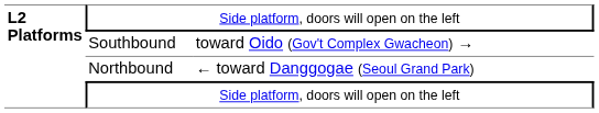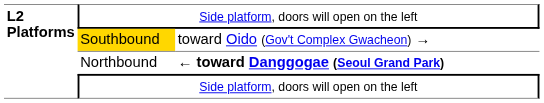 <table table border=0 cellspacing=0 cellpadding=3>
 <tr>
 <td style="border-top:solid 1px gray;border-bottom:solid 1px gray;" width=50 rowspan=10 valign=top><strong>L2<br>Platforms</strong></td>
 <td style="border-top:solid 1px gray;border-right:solid 2px black;border-left:solid 2px black;border-bottom:solid 2px black;text-align:center;" colspan=2><small><a href='#'>Side platform</a>, doors will open on the left</small></td>
 </tr>
 <tr>
-<td>Southbound</td>
+<td style="background: gold;">Southbound</td>
 <td>  toward <a href='#'>Oido</a> <small>(<a href='#'>Gov't Complex Gwacheon</a>)</small> →</td>
 </tr>
 <tr>
 <td style="border-bottom:solid 0px gray;border-top:solid 1px gray;" width=100>Northbound</td>
-<td style="border-bottom:solid 0px gray;border-top:solid 1px gray;" width=390>←  toward <a href='#'>Danggogae</a> <small>(<a href='#'>Seoul Grand Park</a>)</small></td>
+<td style="border-bottom:solid 0px gray;border-top:solid 1px gray;" width=390><strong>←  toward <a href='#'>Danggogae</a> <small>(<a href='#'>Seoul Grand Park</a>)</small></strong></td>
 </tr>
 <tr>
 <td style="border-top:solid 2px black;border-right:solid 2px black;border-left:solid 2px black;border-bottom:solid 1px gray;text-align:center;" colspan=2><small><a href='#'>Side platform</a>, doors will open on the left</small></td>
 </tr>
 </table>
